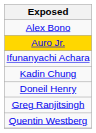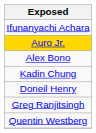 <table class="wikitable" style="text-align:center">
 <tr>
 <th>Exposed</th>
 </tr>
 <tr>
-<td><a href='#'>Alex Bono</a></td>
+<td><a href='#'>Ifunanyachi Achara</a></td>
 </tr>
 <tr>
 <td style="background: gold;"><a href='#'>Auro Jr.</a></td>
 </tr>
 <tr>
-<td><a href='#'>Ifunanyachi Achara</a></td>
+<td><a href='#'>Alex Bono</a></td>
 </tr>
 <tr>
 <td><a href='#'>Kadin Chung</a></td>
 </tr>
 <tr>
 <td><a href='#'>Doneil Henry</a></td>
 </tr>
 <tr>
 <td><a href='#'>Greg Ranjitsingh</a></td>
 </tr>
 <tr>
 <td><a href='#'>Quentin Westberg</a></td>
 </tr>
 <tr>
 </tr>
 </table>
